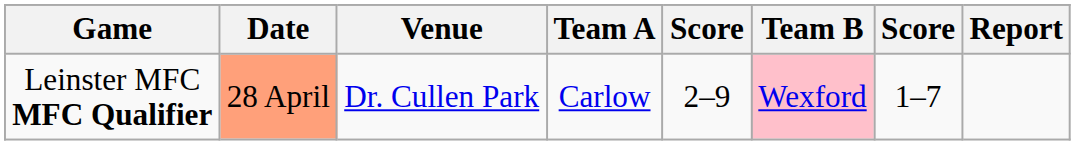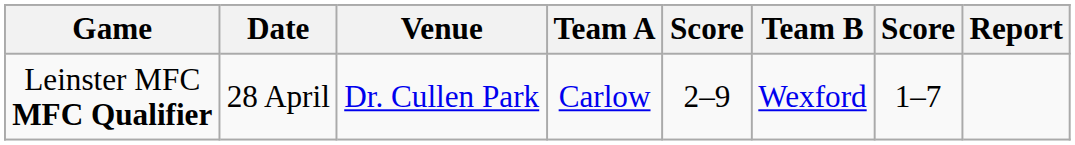 <table class="wikitable">
 <tr>
 <th>Game</th>
 <th>Date</th>
 <th>Venue</th>
 <th>Team A</th>
 <th>Score</th>
 <th>Team B</th>
 <th>Score</th>
 <th>Report</th>
 </tr>
 <tr align="center">
 <td>Leinster MFC<br><strong>MFC Qualifier</strong></td>
-<td style="background: lightsalmon;">28 April</td>
+<td>28 April</td>
 <td><a href='#'>Dr. Cullen Park</a></td>
 <td><a href='#'>Carlow</a></td>
 <td>2–9</td>
-<td style="background: pink;"><a href='#'>Wexford</a></td>
+<td><a href='#'>Wexford</a></td>
 <td>1–7</td>
 </tr>
 </table>
